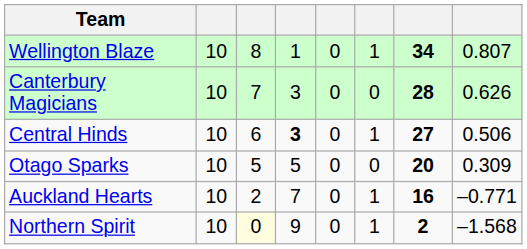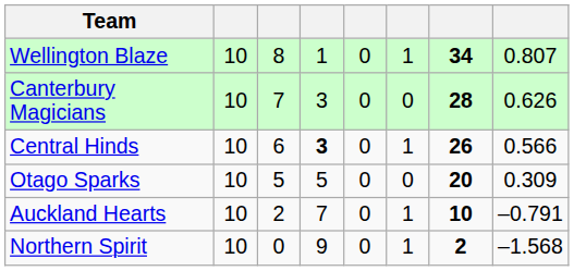 <table class="wikitable" style="text-align:center">
 <tr>
 <th width="150">Team</th>
 <th width="25"></th>
 <th width="25"></th>
 <th width="25"></th>
 <th width="25"></th>
 <th width="25"></th>
 <th width="40"></th>
 <th width="50"></th>
 </tr>
 <tr style="background:#cfc">
 <td style="text-align:left"><a href='#'>Wellington Blaze</a></td>
 <td>10</td>
 <td>8</td>
 <td>1</td>
 <td>0</td>
 <td>1</td>
 <td><strong>34</strong></td>
 <td>0.807</td>
 </tr>
 <tr style="background:#cfc">
 <td style="text-align:left"><a href='#'>Canterbury Magicians</a></td>
 <td>10</td>
 <td>7</td>
 <td>3</td>
 <td>0</td>
 <td>0</td>
 <td><strong>28</strong></td>
 <td>0.626</td>
 </tr>
 <tr>
 <td style="text-align:left"><a href='#'>Central Hinds</a></td>
 <td>10</td>
 <td>6</td>
 <td><strong>3</strong></td>
 <td>0</td>
 <td>1</td>
-<td><strong>27</strong></td>
-<td>0.506</td>
+<td><strong>26</strong></td>
+<td>0.566</td>
 </tr>
 <tr>
 <td style="text-align:left"><a href='#'>Otago Sparks</a></td>
 <td>10</td>
 <td>5</td>
 <td>5</td>
 <td>0</td>
 <td>0</td>
 <td><strong>20</strong></td>
 <td>0.309</td>
 </tr>
 <tr>
 <td style="text-align:left"><a href='#'>Auckland Hearts</a></td>
 <td>10</td>
 <td>2</td>
 <td>7</td>
 <td>0</td>
 <td>1</td>
-<td><strong>16</strong></td>
-<td>–0.771</td>
+<td><strong>10</strong></td>
+<td>–0.791</td>
 </tr>
 <tr>
 <td style="text-align:left"><a href='#'>Northern Spirit</a></td>
 <td>10</td>
-<td style="background: lightyellow;">0</td>
+<td>0</td>
 <td>9</td>
 <td>0</td>
 <td>1</td>
 <td><strong>2</strong></td>
 <td>–1.568</td>
 </tr>
 </table>
